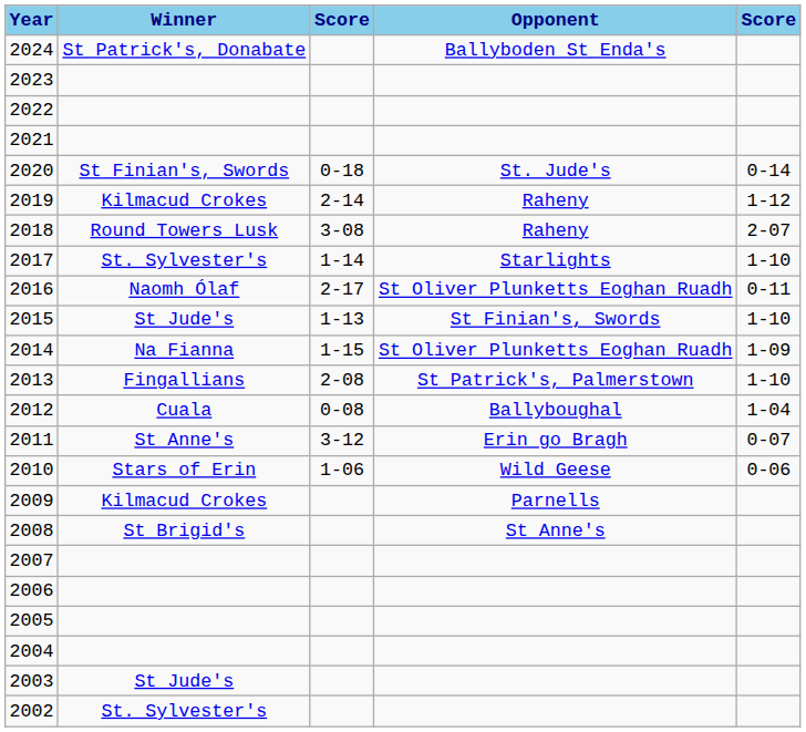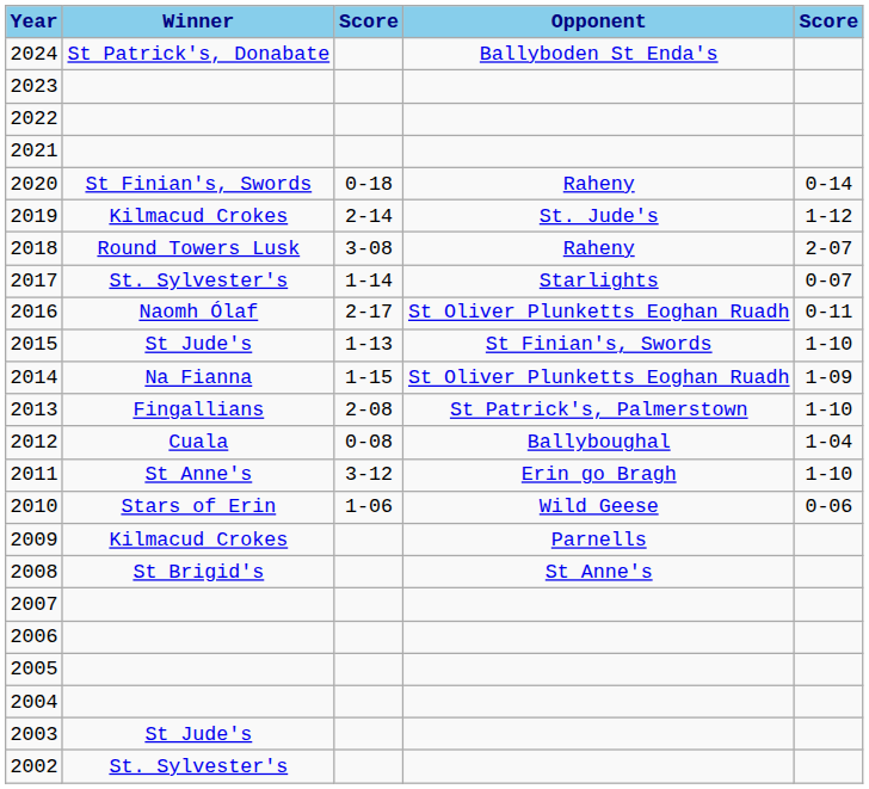 <table class="wikitable" style="text-align:center;">
 <tr>
 <th style="background:skyblue;color:navy;">Year</th>
 <th style="background:skyblue;color:navy;">Winner</th>
 <th style="background:skyblue;color:navy;">Score</th>
 <th style="background:skyblue;color:navy;">Opponent</th>
 <th style="background:skyblue;color:navy;">Score</th>
 </tr>
 <tr>
 <td>2024</td>
 <td><a href='#'>St Patrick's, Donabate</a></td>
 <td></td>
 <td><a href='#'>Ballyboden St Enda's</a></td>
 <td></td>
 </tr>
 <tr>
 <td>2023</td>
 <td></td>
 <td></td>
 <td></td>
 <td></td>
 </tr>
 <tr>
 <td>2022</td>
 <td></td>
 <td></td>
 <td></td>
 <td></td>
 </tr>
 <tr>
 <td>2021</td>
 <td></td>
 <td></td>
 <td></td>
 <td></td>
 </tr>
 <tr>
 <td>2020</td>
 <td><a href='#'>St Finian's, Swords</a></td>
 <td>0-18</td>
-<td><a href='#'>St. Jude's</a></td>
+<td><a href='#'>Raheny</a></td>
 <td>0-14</td>
 </tr>
 <tr>
 <td>2019</td>
 <td><a href='#'>Kilmacud Crokes</a></td>
 <td>2-14</td>
-<td><a href='#'>Raheny</a></td>
+<td><a href='#'>St. Jude's</a></td>
 <td>1-12</td>
 </tr>
 <tr>
 <td>2018</td>
 <td><a href='#'>Round Towers Lusk</a></td>
 <td>3-08</td>
 <td><a href='#'>Raheny</a></td>
 <td>2-07</td>
 </tr>
 <tr>
 <td>2017</td>
 <td><a href='#'>St. Sylvester's</a></td>
 <td>1-14</td>
 <td><a href='#'>Starlights</a></td>
-<td>1-10</td>
+<td>0-07</td>
 </tr>
 <tr>
 <td>2016</td>
 <td><a href='#'>Naomh Ólaf</a></td>
 <td>2-17</td>
 <td><a href='#'>St Oliver Plunketts Eoghan Ruadh</a></td>
 <td>0-11</td>
 </tr>
 <tr>
 <td>2015</td>
 <td><a href='#'>St Jude's</a></td>
 <td>1-13</td>
 <td><a href='#'>St Finian's, Swords</a></td>
 <td>1-10</td>
 </tr>
 <tr>
 <td>2014</td>
 <td><a href='#'>Na Fianna</a></td>
 <td>1-15</td>
 <td><a href='#'>St Oliver Plunketts Eoghan Ruadh</a></td>
 <td>1-09</td>
 </tr>
 <tr>
 <td>2013</td>
 <td><a href='#'>Fingallians</a></td>
 <td>2-08</td>
 <td><a href='#'>St Patrick's, Palmerstown</a></td>
 <td>1-10</td>
 </tr>
 <tr>
 <td>2012</td>
 <td><a href='#'>Cuala</a></td>
 <td>0-08</td>
 <td><a href='#'>Ballyboughal</a></td>
 <td>1-04</td>
 </tr>
 <tr>
 <td>2011</td>
 <td><a href='#'>St Anne's</a></td>
 <td>3-12</td>
 <td><a href='#'>Erin go Bragh</a></td>
-<td>0-07</td>
+<td>1-10</td>
 </tr>
 <tr>
 <td>2010</td>
 <td><a href='#'>Stars of Erin</a></td>
 <td>1-06</td>
 <td><a href='#'>Wild Geese</a></td>
 <td>0-06</td>
 </tr>
 <tr>
 <td>2009</td>
 <td><a href='#'>Kilmacud Crokes</a></td>
 <td></td>
 <td><a href='#'>Parnells</a></td>
 <td></td>
 </tr>
 <tr>
 <td>2008</td>
 <td><a href='#'>St Brigid's</a></td>
 <td></td>
 <td><a href='#'>St Anne's</a></td>
 <td></td>
 </tr>
 <tr>
 <td>2007</td>
 <td></td>
 <td></td>
 <td></td>
 <td></td>
 </tr>
 <tr>
 <td>2006</td>
 <td></td>
 <td></td>
 <td></td>
 <td></td>
 </tr>
 <tr>
 <td>2005</td>
 <td></td>
 <td></td>
 <td></td>
 <td></td>
 </tr>
 <tr>
 <td>2004</td>
 <td></td>
 <td></td>
 <td></td>
 <td></td>
 </tr>
 <tr>
 <td>2003</td>
 <td><a href='#'>St Jude's</a></td>
 <td></td>
 <td></td>
 <td></td>
 </tr>
 <tr>
 <td>2002</td>
 <td><a href='#'>St. Sylvester's</a></td>
 <td></td>
 <td></td>
 <td></td>
 </tr>
 </table>
